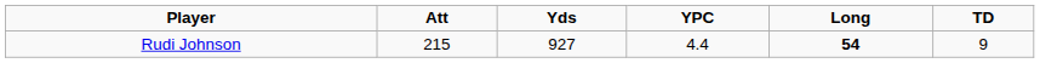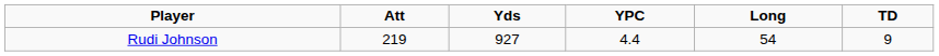 <table class="wikitable" style="width:80%;">
 <tr style="text-align:center; ">
 <td><strong>Player</strong></td>
 <td><strong>Att</strong></td>
 <td><strong>Yds</strong></td>
 <td><strong>YPC</strong></td>
 <td><strong>Long</strong></td>
 <td><strong>TD</strong></td>
 </tr>
 <tr style="text-align:center;" bgcolor="">
 <td><a href='#'>Rudi Johnson</a></td>
-<td>215</td>
+<td>219</td>
 <td>927</td>
 <td>4.4</td>
-<td><strong>54</strong></td>
+<td>54</td>
 <td>9</td>
 </tr>
 </table>
